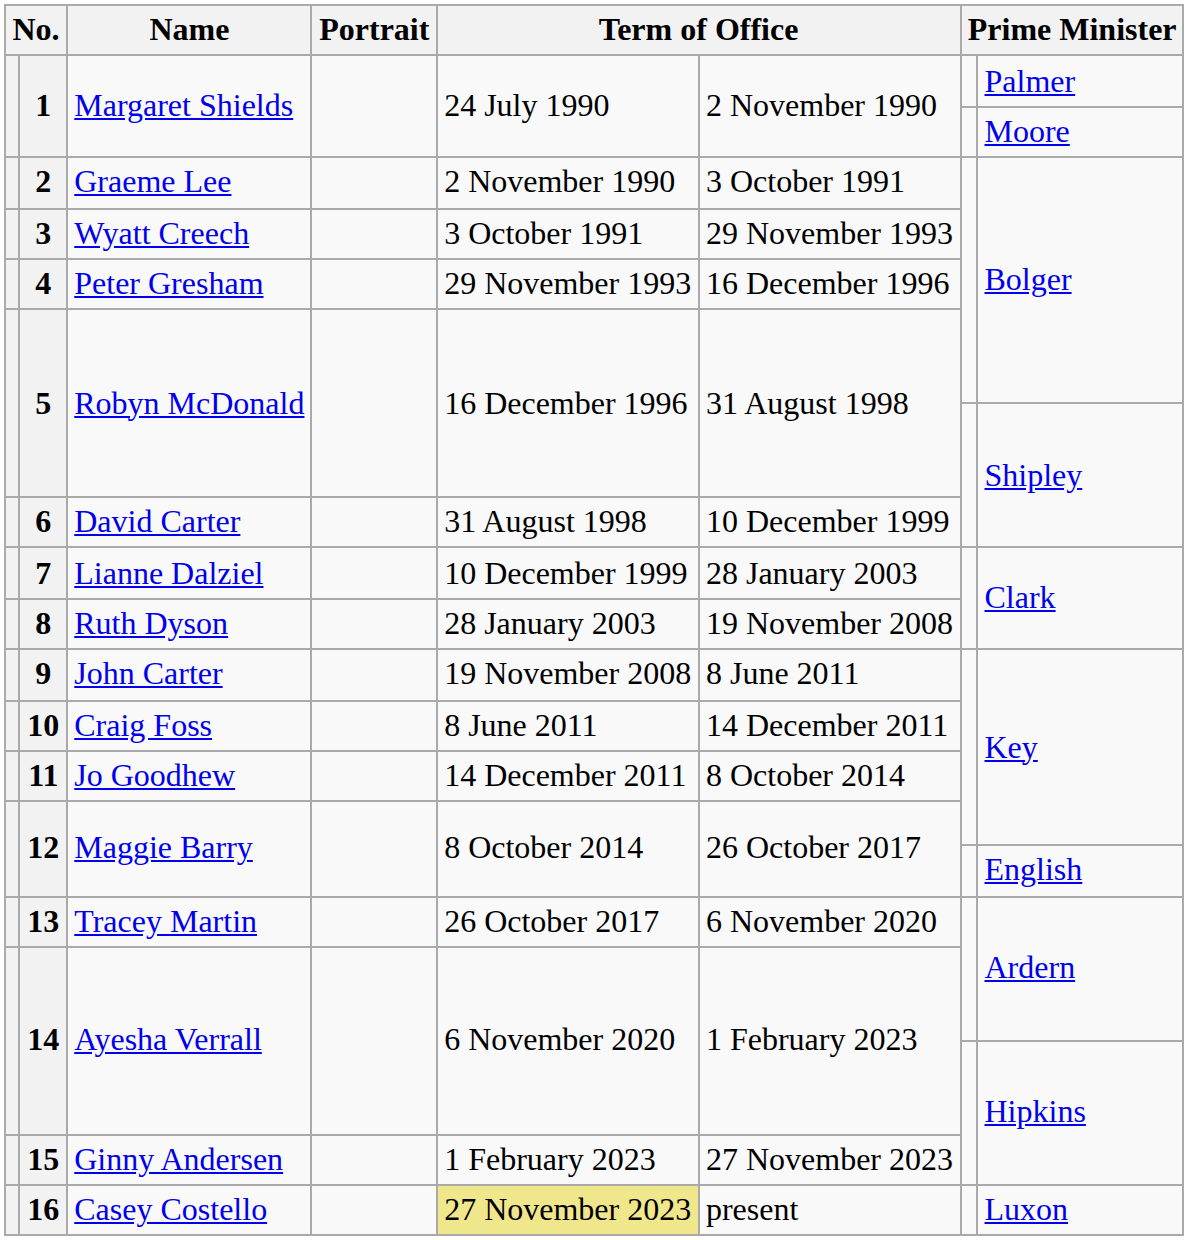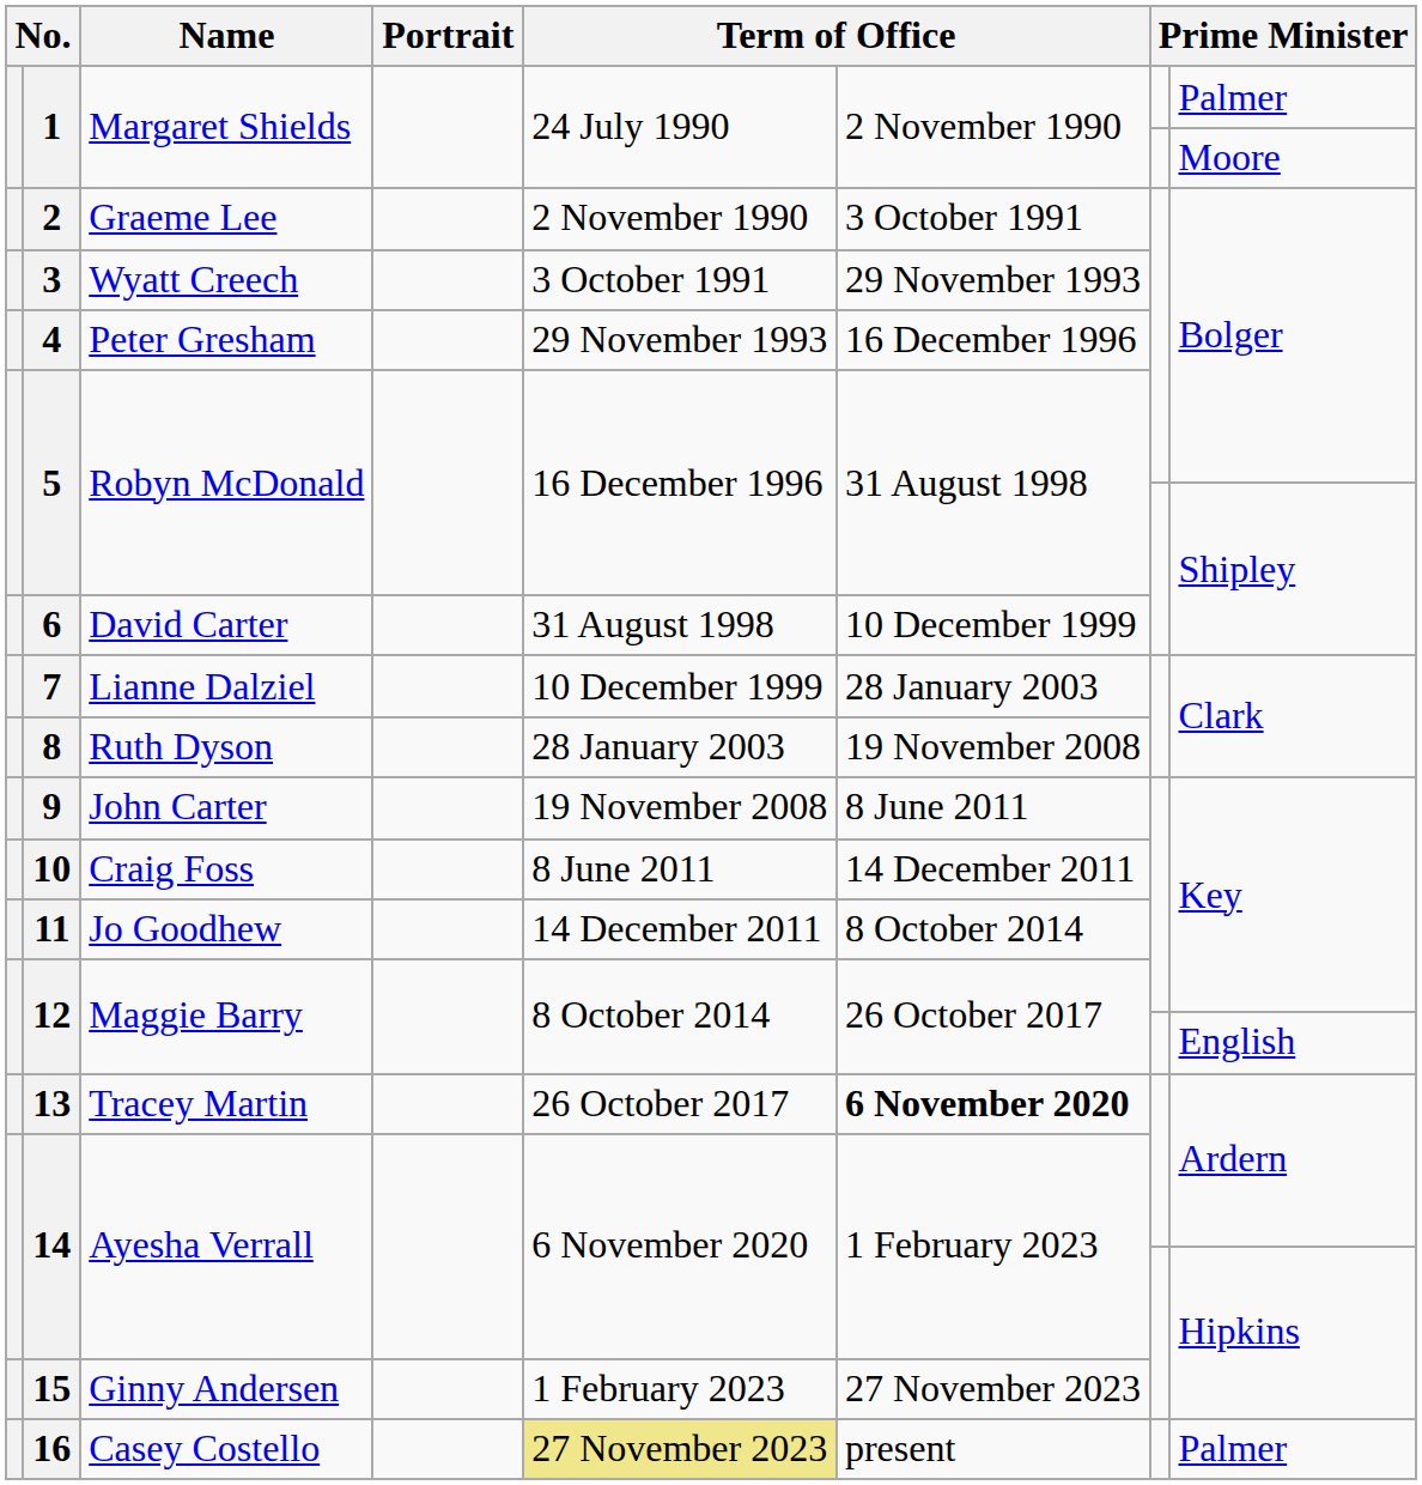 <table class="wikitable">
 <tr>
 <th colspan=2>No.</th>
 <th>Name</th>
 <th>Portrait</th>
 <th colspan=2>Term of Office</th>
 <th colspan=2>Prime Minister</th>
 </tr>
 <tr>
 <th height=15 style="border-bottom:solid 0 grey; background:"></th>
 <th rowspan=2>1</th>
 <td rowspan=2><a href='#'>Margaret Shields</a></td>
 <td rowspan=2></td>
 <td rowspan=2>24 July 1990</td>
 <td rowspan=2>2 November 1990</td>
 <td width=1 style="color:inherit;background:"></td>
 <td><a href='#'>Palmer</a></td>
 </tr>
 <tr>
 <th height=15 style="border-top:solid 0 grey; background:"></th>
 <td style="color:inherit;background:"></td>
 <td><a href='#'>Moore</a></td>
 </tr>
 <tr>
 <th style="color:inherit;background:"></th>
 <th>2</th>
 <td><a href='#'>Graeme Lee</a></td>
 <td></td>
 <td>2 November 1990</td>
 <td>3 October 1991</td>
 <td rowspan="4" style="color:inherit;background:"></td>
 <td rowspan="4"><a href='#'>Bolger</a></td>
 </tr>
 <tr>
 <th style="color:inherit;background:"></th>
 <th>3</th>
 <td><a href='#'>Wyatt Creech</a></td>
 <td></td>
 <td>3 October 1991</td>
 <td>29 November 1993</td>
 </tr>
 <tr>
 <th style="color:inherit;background:"></th>
 <th>4</th>
 <td><a href='#'>Peter Gresham</a></td>
 <td></td>
 <td>29 November 1993</td>
 <td>16 December 1996</td>
 </tr>
 <tr>
 <th height=40 style="border-bottom:solid 0 grey; background:"></th>
 <th rowspan="2">5</th>
 <td rowspan="2"><a href='#'>Robyn McDonald</a></td>
 <td rowspan="2"></td>
 <td rowspan="2">16 December 1996</td>
 <td rowspan="2">31 August 1998</td>
 </tr>
 <tr>
 <th height=40 style="border-top:solid 0 grey; background:"></th>
 <td rowspan=2 style="color:inherit;background:"></td>
 <td rowspan=2><a href='#'>Shipley</a></td>
 </tr>
 <tr>
 <th style="color:inherit;background:"></th>
 <th>6</th>
 <td><a href='#'>David Carter</a></td>
 <td></td>
 <td>31 August 1998</td>
 <td>10 December 1999</td>
 </tr>
 <tr>
 <th style="color:inherit;background:"></th>
 <th>7</th>
 <td><a href='#'>Lianne Dalziel</a></td>
 <td></td>
 <td>10 December 1999</td>
 <td>28 January 2003</td>
 <td rowspan=2 style="color:inherit;background:"></td>
 <td rowspan=2><a href='#'>Clark</a></td>
 </tr>
 <tr>
 <th style="color:inherit;background:"></th>
 <th>8</th>
 <td><a href='#'>Ruth Dyson</a></td>
 <td></td>
 <td>28 January 2003</td>
 <td>19 November 2008</td>
 </tr>
 <tr>
 <th style="color:inherit;background:"></th>
 <th>9</th>
 <td><a href='#'>John Carter</a></td>
 <td></td>
 <td>19 November 2008</td>
 <td>8 June 2011</td>
 <td rowspan="4" style="color:inherit;background:"></td>
 <td rowspan="4"><a href='#'>Key</a></td>
 </tr>
 <tr>
 <th style="color:inherit;background:"></th>
 <th>10</th>
 <td><a href='#'>Craig Foss</a></td>
 <td></td>
 <td>8 June 2011</td>
 <td>14 December 2011</td>
 </tr>
 <tr>
 <th style="color:inherit;background:"></th>
 <th>11</th>
 <td><a href='#'>Jo Goodhew</a></td>
 <td></td>
 <td>14 December 2011</td>
 <td>8 October 2014</td>
 </tr>
 <tr>
 <th height=15 style="border-bottom:solid 0 grey; background:"></th>
 <th rowspan="2">12</th>
 <td rowspan="2"><a href='#'>Maggie Barry</a></td>
 <td rowspan="2"></td>
 <td rowspan="2">8 October 2014</td>
 <td rowspan="2">26 October 2017</td>
 </tr>
 <tr>
 <th height=15 style="border-top:solid 0 grey; background:"></th>
 <td style="color:inherit;background:"></td>
 <td><a href='#'>English</a></td>
 </tr>
 <tr>
 <th style="color:inherit;background:"></th>
 <th>13</th>
 <td><a href='#'>Tracey Martin</a></td>
 <td></td>
 <td>26 October 2017</td>
-<td>6 November 2020</td>
+<td><strong>6 November 2020</strong></td>
 <td rowspan=2 height=15 style="border-top:solid 0 gray; background:"></td>
 <td rowspan=2><a href='#'>Ardern</a></td>
 </tr>
 <tr>
 <th height=40 style="border-bottom:solid 0 grey; background:"></th>
 <th rowspan=2>14</th>
 <td rowspan=2><a href='#'>Ayesha Verrall</a></td>
 <td rowspan=2></td>
 <td rowspan=2>6 November 2020</td>
 <td rowspan=2>1 February 2023</td>
 </tr>
 <tr>
 <th height=40 style="border-top:solid 0 grey; background:"></th>
 <td rowspan=2 style="color:inherit;background:"></td>
 <td rowspan=2><a href='#'>Hipkins</a></td>
 </tr>
 <tr>
 <th style="color:inherit;background:"></th>
 <th>15</th>
 <td><a href='#'>Ginny Andersen</a></td>
 <td></td>
 <td>1 February 2023</td>
 <td>27 November 2023</td>
 </tr>
 <tr>
 <th style="color:inherit;background:"></th>
 <th>16</th>
 <td><a href='#'>Casey Costello</a></td>
 <td></td>
 <td style="background: khaki;">27 November 2023</td>
 <td>present</td>
 <td style="color:inherit;background:"></td>
-<td><a href='#'>Luxon</a></td>
+<td><a href='#'>Palmer</a></td>
 </tr>
 </table>
